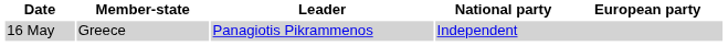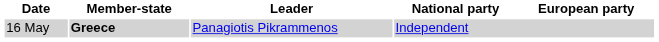 <table border=0 cellpadding=2 cellspacing=2 width=90%>
 <tr ----bgcolor=lightgrey>
 <th>Date</th>
 <th>Member-state</th>
 <th>Leader</th>
 <th>National party</th>
 <th>European party</th>
 </tr>
 <tr ---- bgcolor=lightgrey>
 <td>16 May</td>
-<td>Greece</td>
+<td><strong>Greece</strong></td>
 <td><a href='#'>Panagiotis Pikrammenos</a></td>
 <td colspan=2><a href='#'>Independent</a></td>
 </tr>
 </table>
